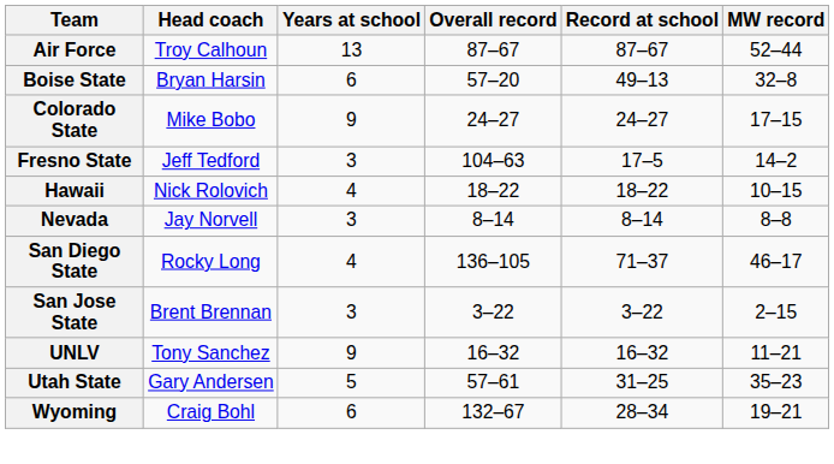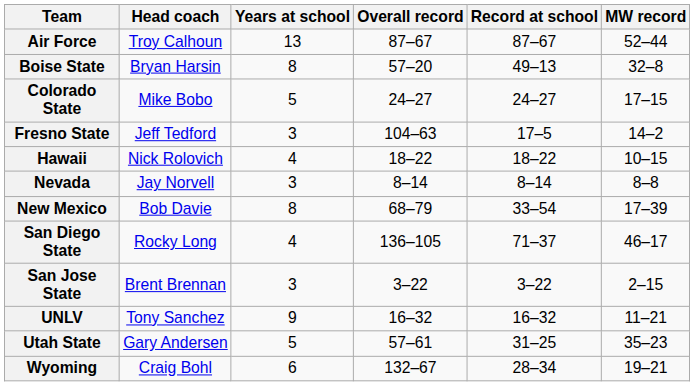 <table class="wikitable sortable" style="text-align: center;">
 <tr>
 <th style="width:110px;">Team</th>
 <th>Head coach</th>
 <th>Years at school</th>
 <th>Overall record</th>
 <th>Record at school</th>
 <th>MW record</th>
 </tr>
 <tr>
 <th>Air Force</th>
 <td><a href='#'>Troy Calhoun</a></td>
 <td>13</td>
 <td>87–67</td>
 <td>87–67</td>
 <td>52–44</td>
 </tr>
 <tr>
 <th>Boise State</th>
 <td><a href='#'>Bryan Harsin</a></td>
-<td>6</td>
+<td>8</td>
 <td>57–20</td>
 <td>49–13</td>
 <td>32–8</td>
 </tr>
 <tr>
 <th>Colorado State</th>
 <td><a href='#'>Mike Bobo</a></td>
-<td>9</td>
+<td>5</td>
 <td>24–27</td>
 <td>24–27</td>
 <td>17–15</td>
 </tr>
 <tr>
 <th>Fresno State</th>
 <td><a href='#'>Jeff Tedford</a></td>
 <td>3</td>
 <td>104–63</td>
 <td>17–5</td>
 <td>14–2</td>
 </tr>
 <tr>
 <th>Hawaii</th>
 <td><a href='#'>Nick Rolovich</a></td>
 <td>4</td>
 <td>18–22</td>
 <td>18–22</td>
 <td>10–15</td>
 </tr>
 <tr>
 <th>Nevada</th>
 <td><a href='#'>Jay Norvell</a></td>
 <td>3</td>
 <td>8–14</td>
 <td>8–14</td>
 <td>8–8</td>
+</tr>
+<tr>
+<th>New Mexico</th>
+<td><a href='#'>Bob Davie</a></td>
+<td>8</td>
+<td>68–79</td>
+<td>33–54</td>
+<td>17–39</td>
 </tr>
 <tr>
 <th>San Diego State</th>
 <td><a href='#'>Rocky Long</a></td>
 <td>4</td>
 <td>136–105</td>
 <td>71–37</td>
 <td>46–17</td>
 </tr>
 <tr>
 <th>San Jose State</th>
 <td><a href='#'>Brent Brennan</a></td>
 <td>3</td>
 <td>3–22</td>
 <td>3–22</td>
 <td>2–15</td>
 </tr>
 <tr>
 <th>UNLV</th>
 <td><a href='#'>Tony Sanchez</a></td>
 <td>9</td>
 <td>16–32</td>
 <td>16–32</td>
 <td>11–21</td>
 </tr>
 <tr>
 <th>Utah State</th>
 <td><a href='#'>Gary Andersen</a></td>
 <td>5</td>
 <td>57–61</td>
 <td>31–25</td>
 <td>35–23</td>
 </tr>
 <tr>
 <th>Wyoming</th>
 <td><a href='#'>Craig Bohl</a></td>
 <td>6</td>
 <td>132–67</td>
 <td>28–34</td>
 <td>19–21</td>
 </tr>
 </table>
